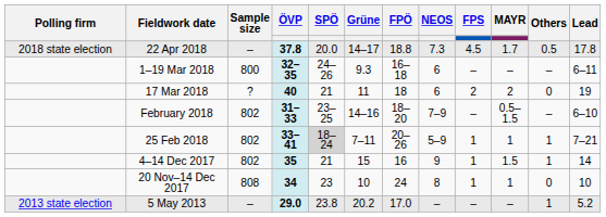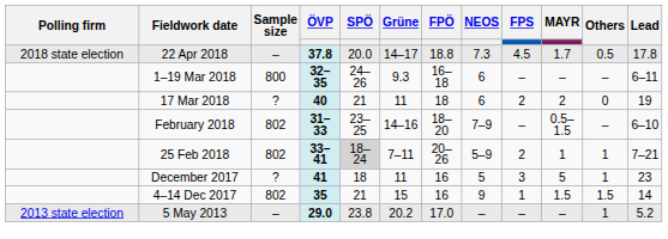 <table class="wikitable sortable" style="text-align:center;font-size:90%;line-height:14px;">
 <tr style="height:40px;">
 <th style="width:150px;" rowspan="2">Polling firm</th>
 <th style="width:125px;" rowspan="2">Fieldwork date</th>
 <th style="width:35px;" rowspan="2">Sample<br>size</th>
 <th class="unsortable" style="width:40px;"><a href='#'>ÖVP</a></th>
 <th class="unsortable" style="width:40px;"><a href='#'>SPÖ</a></th>
 <th class="unsortable" style="width:40px;"><a href='#'>Grüne</a></th>
 <th class="unsortable" style="width:40px;"><a href='#'>FPÖ</a></th>
 <th class="unsortable" style="width:40px;"><a href='#'>NEOS</a></th>
 <th class="unsortable" style="width:40px;"><a href='#'>FPS</a></th>
 <th class="unsortable" style="width:40px;">MAYR</th>
 <th class="unsortable" style="width:40px;" rowspan="2">Others</th>
 <th style="width:30px;" rowspan="2">Lead</th>
 </tr>
 <tr>
 <th style="background:"></th>
 <th style="background:"></th>
 <th style="background:"></th>
 <th style="background:"></th>
 <th style="background:"></th>
 <th style="background:#0057B5;"></th>
 <th style="background:#7D1C61;"></th>
 </tr>
 <tr style="background:#E9E9E9;">
 <td>2018 state election</td>
 <td data-sort-value="2018-04-22">22 Apr 2018</td>
 <td>–</td>
 <td style="background:#D2EDF1;"><strong>37.8</strong></td>
 <td>20.0</td>
 <td>14–17</td>
 <td>18.8</td>
 <td>7.3</td>
 <td>4.5</td>
 <td>1.7</td>
 <td>0.5</td>
 <td style="background:">17.8</td>
 </tr>
 <tr>
 <td></td>
 <td data-sort-value="2018-03-29">1–19 Mar 2018</td>
 <td>800</td>
 <td style="background:#D2EDF1;"><strong>32–35</strong></td>
 <td>24–26</td>
 <td>9.3</td>
 <td>16–18</td>
 <td>6</td>
 <td>–</td>
 <td>–</td>
 <td>–</td>
 <td style="background:">6–11</td>
 </tr>
 <tr>
 <td></td>
 <td data-sort-value="2018-03-17">17 Mar 2018</td>
 <td>?</td>
 <td style="background:#D2EDF1;"><strong>40</strong></td>
 <td>21</td>
 <td>11</td>
 <td>18</td>
 <td>6</td>
 <td>2</td>
 <td>2</td>
 <td>0</td>
 <td style="background:">19</td>
 </tr>
 <tr>
 <td></td>
 <td data-sort-value="2018-03-08">February 2018</td>
 <td>802</td>
 <td style="background:#D2EDF1;"><strong>31–33</strong></td>
 <td>23–25</td>
 <td>14–16</td>
 <td>18–20</td>
 <td>7–9</td>
 <td>–</td>
 <td>0.5–1.5</td>
 <td>–</td>
 <td style="background:">6–10</td>
 </tr>
 <tr>
 <td></td>
 <td data-sort-value="2018-02-25">25 Feb 2018</td>
 <td>802</td>
 <td style="background:#D2EDF1;"><strong>33–41</strong></td>
 <td style="background: lightgrey;">18–24</td>
 <td>7–11</td>
 <td>20–26</td>
 <td>5–9</td>
-<td>1</td>
+<td>2</td>
 <td>1</td>
 <td>1</td>
 <td style="background:">7–21</td>
+</tr>
+<tr>
+<td></td>
+<td data-sort-value="2017-12-20">December 2017</td>
+<td>?</td>
+<td style="background:#D2EDF1;"><strong>41</strong></td>
+<td>18</td>
+<td>11</td>
+<td>16</td>
+<td>5</td>
+<td>3</td>
+<td>5</td>
+<td>1</td>
+<td style="background:">23</td>
 </tr>
 <tr>
 <td></td>
 <td data-sort-value="2017-12-14">4–14 Dec 2017</td>
 <td>802</td>
 <td style="background:#D2EDF1;"><strong>35</strong></td>
 <td>21</td>
 <td>15</td>
 <td>16</td>
 <td>9</td>
 <td>1</td>
 <td>1.5</td>
-<td>1</td>
+<td>1.5</td>
 <td style="background:">14</td>
-</tr>
-<tr>
-<td></td>
-<td data-sort-value="2017-12-14">20 Nov–14 Dec 2017</td>
-<td>808</td>
-<td style="background:#D2EDF1;"><strong>34</strong></td>
-<td>23</td>
-<td>10</td>
-<td>24</td>
-<td>8</td>
-<td>1</td>
-<td>1</td>
-<td>0</td>
-<td style="background:">10</td>
 </tr>
 <tr style="background:#E9E9E9;">
 <td><a href='#'>2013 state election</a></td>
 <td data-sort-value="2013-05-05">5 May 2013</td>
 <td>–</td>
 <td style="background:#D2EDF1;"><strong>29.0</strong></td>
 <td>23.8</td>
 <td>20.2</td>
 <td>17.0</td>
 <td>–</td>
 <td>–</td>
 <td>–</td>
 <td>1</td>
 <td style="background:">5.2</td>
 </tr>
 </table>
